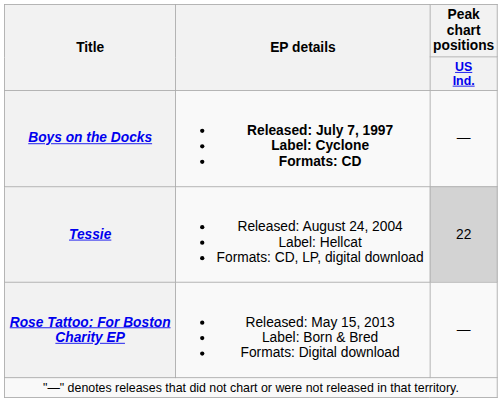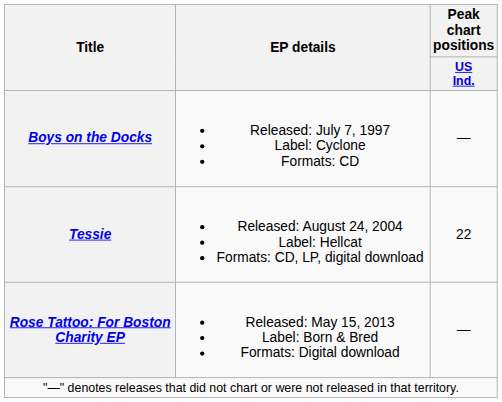 <table class="wikitable plainrowheaders" style="text-align:center;">
 <tr>
 <th scope="col" rowspan="2" style="width:12em;">Title</th>
 <th scope="col" rowspan="2" style="width:18em;">EP details</th>
 <th scope="col" colspan="1">Peak chart positions</th>
 </tr>
 <tr>
 <th scope="col" style="width:3em;font-size:90%;"><a href='#'>US<br>Ind.</a><br></th>
 </tr>
 <tr>
 <th scope="row"><em><a href='#'>Boys on the Docks</a></em></th>
-<td><strong><br><ul><li>Released: July 7, 1997</li><li>Label: Cyclone</li><li>Formats: CD</li></ul></strong></td>
+<td><br><ul><li>Released: July 7, 1997</li><li>Label: Cyclone</li><li>Formats: CD</li></ul></td>
 <td>—</td>
 </tr>
 <tr>
 <th scope="row"><em><a href='#'>Tessie</a></em></th>
 <td><br><ul><li>Released: August 24, 2004</li><li>Label: Hellcat</li><li>Formats: CD, LP, digital download</li></ul></td>
-<td style="background: lightgrey;">22</td>
+<td>22</td>
 </tr>
 <tr>
 <th scope="row"><em><a href='#'>Rose Tattoo: For Boston Charity EP</a></em></th>
 <td><br><ul><li>Released: May 15, 2013</li><li>Label: Born & Bred</li><li>Formats: Digital download</li></ul></td>
 <td>—</td>
 </tr>
 <tr>
 <td colspan="5" style="font-size:90%">"—" denotes releases that did not chart or were not released in that territory.</td>
 </tr>
 </table>
